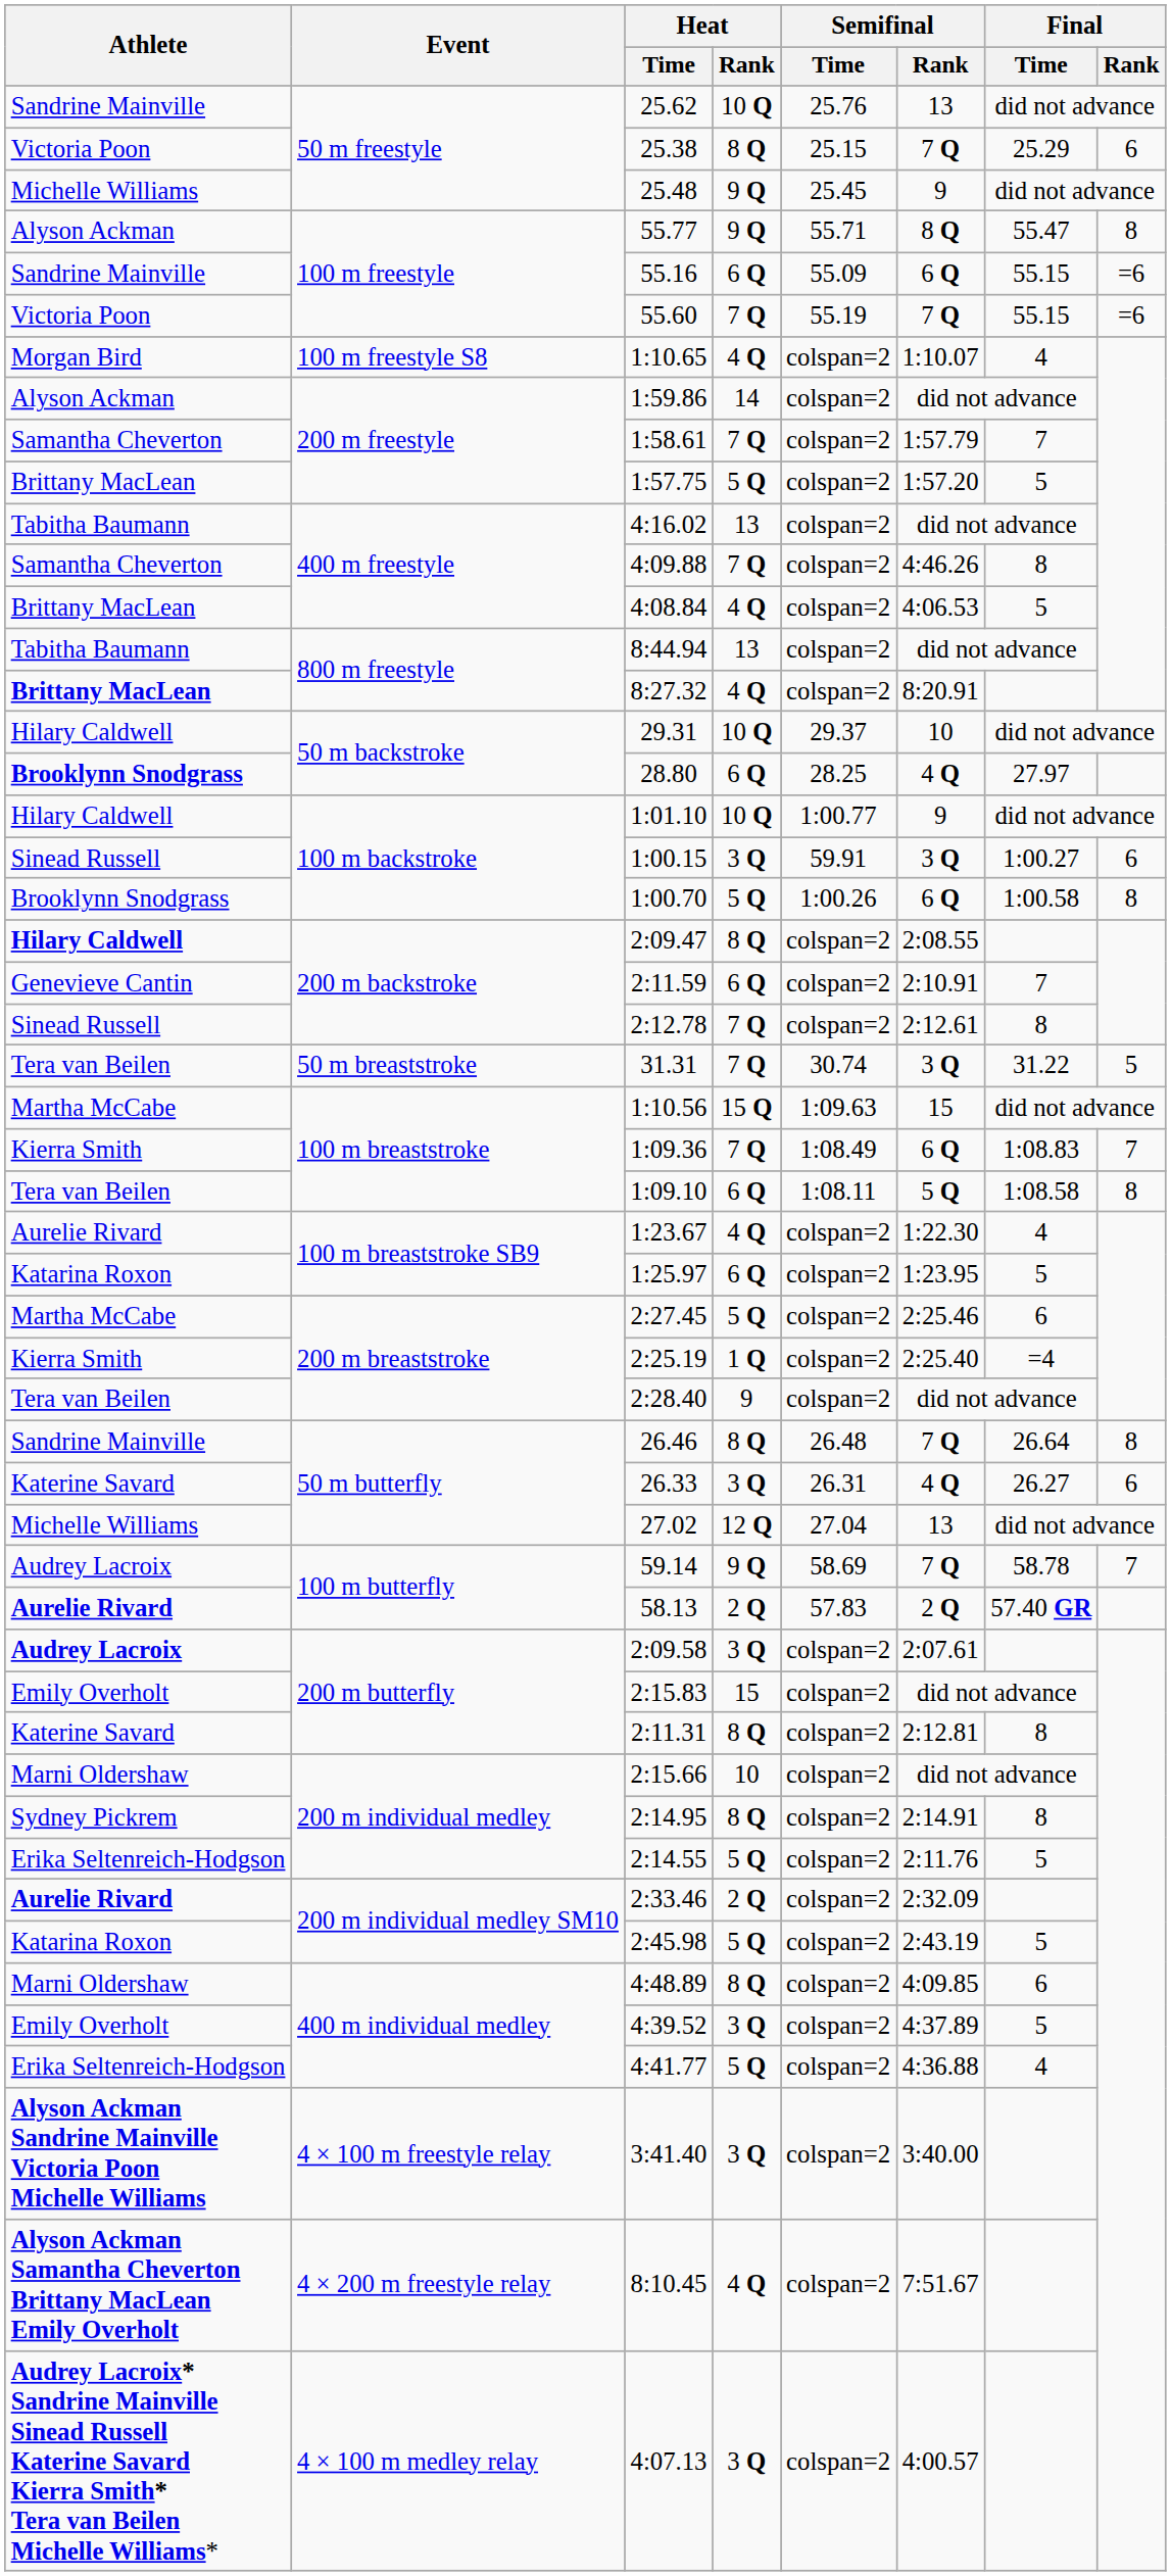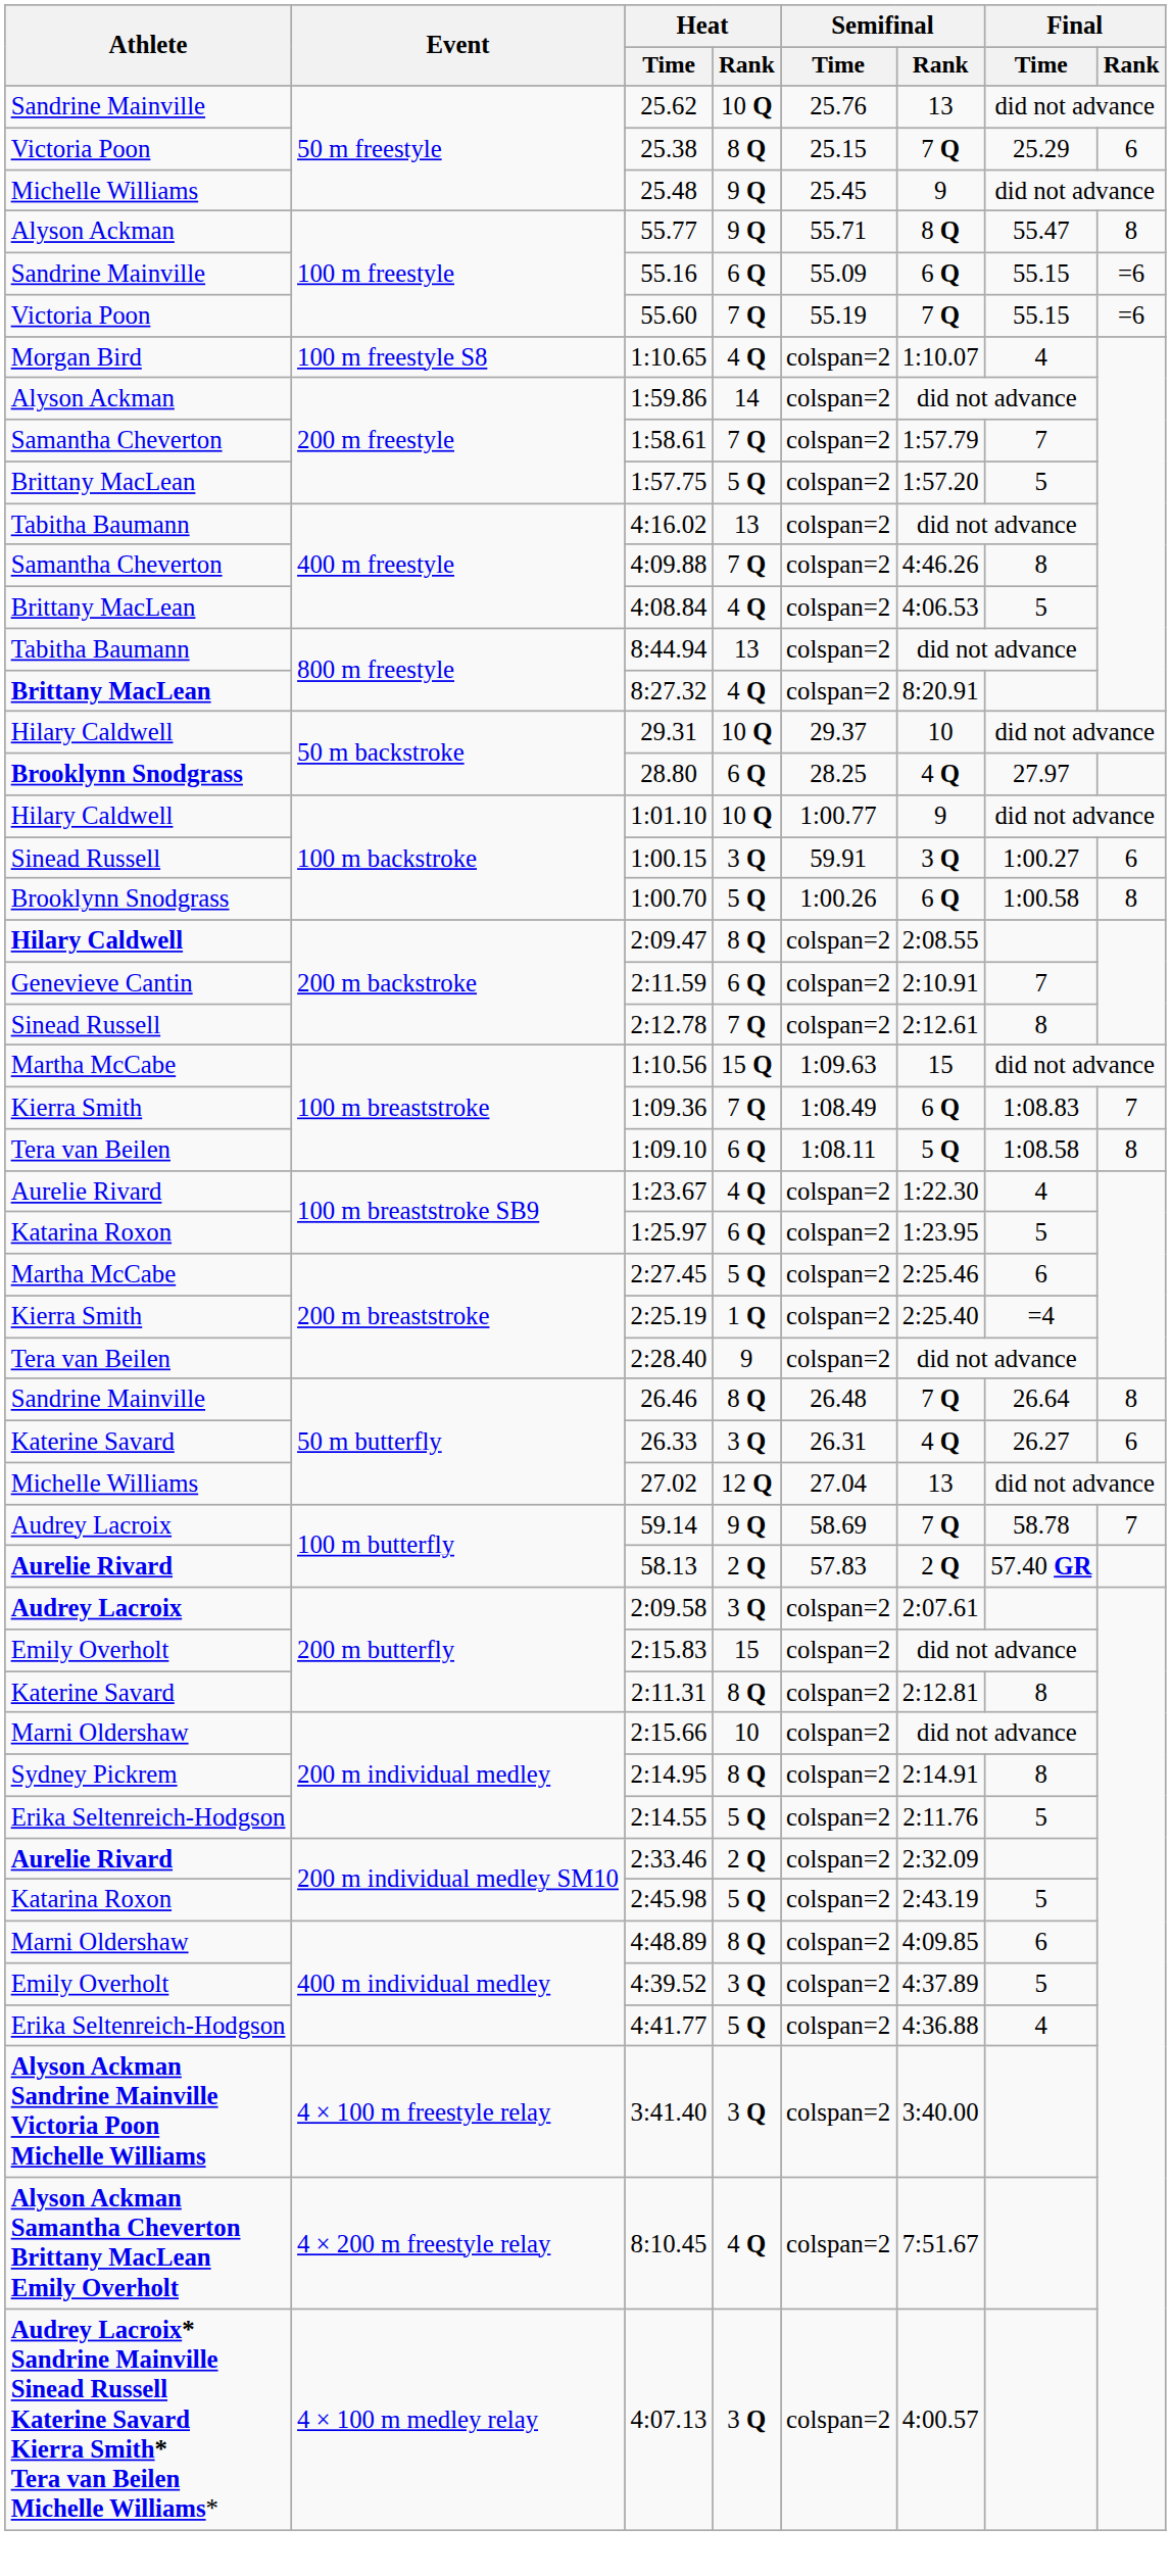 <table class=wikitable style=font-size:90%>
 <tr>
 <th rowspan=2>Athlete</th>
 <th rowspan=2>Event</th>
 <th colspan=2>Heat</th>
 <th colspan=2>Semifinal</th>
 <th colspan=2>Final</th>
 </tr>
 <tr style=font-size:95%>
 <th>Time</th>
 <th>Rank</th>
 <th>Time</th>
 <th>Rank</th>
 <th>Time</th>
 <th>Rank</th>
 </tr>
 <tr align=center>
 <td align=left><a href='#'>Sandrine Mainville</a></td>
 <td align=left rowspan=3><a href='#'>50 m freestyle</a></td>
 <td>25.62</td>
 <td>10 <strong>Q</strong></td>
 <td>25.76</td>
 <td>13</td>
 <td colspan=2>did not advance</td>
 </tr>
 <tr align=center>
 <td align=left><a href='#'>Victoria Poon</a></td>
 <td>25.38</td>
 <td>8 <strong>Q</strong></td>
 <td>25.15</td>
 <td>7 <strong>Q</strong></td>
 <td>25.29</td>
 <td>6</td>
 </tr>
 <tr align=center>
 <td align=left><a href='#'>Michelle Williams</a></td>
 <td>25.48</td>
 <td>9 <strong>Q</strong></td>
 <td>25.45</td>
 <td>9</td>
 <td colspan=2>did not advance</td>
 </tr>
 <tr align=center>
 <td align=left><a href='#'>Alyson Ackman</a></td>
 <td align=left rowspan=3><a href='#'>100 m freestyle</a></td>
 <td>55.77</td>
 <td>9 <strong>Q</strong></td>
 <td>55.71</td>
 <td>8 <strong>Q</strong></td>
 <td>55.47</td>
 <td>8</td>
 </tr>
 <tr align=center>
 <td align=left><a href='#'>Sandrine Mainville</a></td>
 <td>55.16</td>
 <td>6 <strong>Q</strong></td>
 <td>55.09</td>
 <td>6 <strong>Q</strong></td>
 <td>55.15</td>
 <td>=6</td>
 </tr>
 <tr align=center>
 <td align=left><a href='#'>Victoria Poon</a></td>
 <td>55.60</td>
 <td>7 <strong>Q</strong></td>
 <td>55.19</td>
 <td>7 <strong>Q</strong></td>
 <td>55.15</td>
 <td>=6</td>
 </tr>
 <tr align=center>
 <td align=left><a href='#'>Morgan Bird</a></td>
 <td align=left><a href='#'>100 m freestyle S8</a></td>
 <td>1:10.65</td>
 <td>4 <strong>Q</strong></td>
 <td>colspan=2 </td>
 <td>1:10.07</td>
 <td>4</td>
 </tr>
 <tr align=center>
 <td align=left><a href='#'>Alyson Ackman</a></td>
 <td align=left rowspan=3><a href='#'>200 m freestyle</a></td>
 <td>1:59.86</td>
 <td>14</td>
 <td>colspan=2 </td>
 <td colspan=2>did not advance</td>
 </tr>
 <tr align=center>
 <td align=left><a href='#'>Samantha Cheverton</a></td>
 <td>1:58.61</td>
 <td>7 <strong>Q</strong></td>
 <td>colspan=2 </td>
 <td>1:57.79</td>
 <td>7</td>
 </tr>
 <tr align=center>
 <td align=left><a href='#'>Brittany MacLean</a></td>
 <td>1:57.75</td>
 <td>5 <strong>Q</strong></td>
 <td>colspan=2 </td>
 <td>1:57.20</td>
 <td>5</td>
 </tr>
 <tr align=center>
 <td align=left><a href='#'>Tabitha Baumann</a></td>
 <td align=left rowspan=3><a href='#'>400 m freestyle</a></td>
 <td>4:16.02</td>
 <td>13</td>
 <td>colspan=2 </td>
 <td colspan=2>did not advance</td>
 </tr>
 <tr align=center>
 <td align=left><a href='#'>Samantha Cheverton</a></td>
 <td>4:09.88</td>
 <td>7 <strong>Q</strong></td>
 <td>colspan=2 </td>
 <td>4:46.26</td>
 <td>8</td>
 </tr>
 <tr align=center>
 <td align=left><a href='#'>Brittany MacLean</a></td>
 <td>4:08.84</td>
 <td>4 <strong>Q</strong></td>
 <td>colspan=2 </td>
 <td>4:06.53</td>
 <td>5</td>
 </tr>
 <tr align=center>
 <td align=left><a href='#'>Tabitha Baumann</a></td>
 <td align=left rowspan=2><a href='#'>800 m freestyle</a></td>
 <td>8:44.94</td>
 <td>13</td>
 <td>colspan=2 </td>
 <td colspan=2>did not advance</td>
 </tr>
 <tr align=center>
 <td align=left><strong><a href='#'>Brittany MacLean</a></strong></td>
 <td>8:27.32</td>
 <td>4 <strong>Q</strong></td>
 <td>colspan=2 </td>
 <td>8:20.91</td>
 <td></td>
 </tr>
 <tr align=center>
 <td align=left><a href='#'>Hilary Caldwell</a></td>
 <td align=left rowspan=2><a href='#'>50 m backstroke</a></td>
 <td>29.31</td>
 <td>10 <strong>Q</strong></td>
 <td>29.37</td>
 <td>10</td>
 <td colspan=2>did not advance</td>
 </tr>
 <tr align=center>
 <td align=left><strong><a href='#'>Brooklynn Snodgrass</a></strong></td>
 <td>28.80</td>
 <td>6 <strong>Q</strong></td>
 <td>28.25</td>
 <td>4 <strong>Q</strong></td>
 <td>27.97</td>
 <td></td>
 </tr>
 <tr align=center>
 <td align=left><a href='#'>Hilary Caldwell</a></td>
 <td align=left rowspan=3><a href='#'>100 m backstroke</a></td>
 <td>1:01.10</td>
 <td>10 <strong>Q</strong></td>
 <td>1:00.77</td>
 <td>9</td>
 <td colspan=2>did not advance</td>
 </tr>
 <tr align=center>
 <td align=left><a href='#'>Sinead Russell</a></td>
 <td>1:00.15</td>
 <td>3 <strong>Q</strong></td>
 <td>59.91</td>
 <td>3 <strong>Q</strong></td>
 <td>1:00.27</td>
 <td>6</td>
 </tr>
 <tr align=center>
 <td align=left><a href='#'>Brooklynn Snodgrass</a></td>
 <td>1:00.70</td>
 <td>5 <strong>Q</strong></td>
 <td>1:00.26</td>
 <td>6 <strong>Q</strong></td>
 <td>1:00.58</td>
 <td>8</td>
 </tr>
 <tr align=center>
 <td align=left><strong><a href='#'>Hilary Caldwell</a></strong></td>
 <td align=left rowspan=3><a href='#'>200 m backstroke</a></td>
 <td>2:09.47</td>
 <td>8 <strong>Q</strong></td>
 <td>colspan=2 </td>
 <td>2:08.55</td>
 <td></td>
 </tr>
 <tr align=center>
 <td align=left><a href='#'>Genevieve Cantin</a></td>
 <td>2:11.59</td>
 <td>6 <strong>Q</strong></td>
 <td>colspan=2 </td>
 <td>2:10.91</td>
 <td>7</td>
 </tr>
 <tr align=center>
 <td align=left><a href='#'>Sinead Russell</a></td>
 <td>2:12.78</td>
 <td>7 <strong>Q</strong></td>
 <td>colspan=2 </td>
 <td>2:12.61</td>
 <td>8</td>
-</tr>
-<tr align=center>
-<td align=left><a href='#'>Tera van Beilen</a></td>
-<td align=left><a href='#'>50 m breaststroke</a></td>
-<td>31.31</td>
-<td>7 <strong>Q</strong></td>
-<td>30.74</td>
-<td>3 <strong>Q</strong></td>
-<td>31.22</td>
-<td>5</td>
 </tr>
 <tr align=center>
 <td align=left><a href='#'>Martha McCabe</a></td>
 <td align=left rowspan=3><a href='#'>100 m breaststroke</a></td>
 <td>1:10.56</td>
 <td>15 <strong>Q</strong></td>
 <td>1:09.63</td>
 <td>15</td>
 <td colspan=2>did not advance</td>
 </tr>
 <tr align=center>
 <td align=left><a href='#'>Kierra Smith</a></td>
 <td>1:09.36</td>
 <td>7 <strong>Q</strong></td>
 <td>1:08.49</td>
 <td>6 <strong>Q</strong></td>
 <td>1:08.83</td>
 <td>7</td>
 </tr>
 <tr align=center>
 <td align=left><a href='#'>Tera van Beilen</a></td>
 <td>1:09.10</td>
 <td>6 <strong>Q</strong></td>
 <td>1:08.11</td>
 <td>5 <strong>Q</strong></td>
 <td>1:08.58</td>
 <td>8</td>
 </tr>
 <tr align=center>
 <td align=left><a href='#'>Aurelie Rivard</a></td>
 <td align=left rowspan=2><a href='#'>100 m breaststroke SB9</a></td>
 <td>1:23.67</td>
 <td>4 <strong>Q</strong></td>
 <td>colspan=2 </td>
 <td>1:22.30</td>
 <td>4</td>
 </tr>
 <tr align=center>
 <td align=left><a href='#'>Katarina Roxon</a></td>
 <td>1:25.97</td>
 <td>6 <strong>Q</strong></td>
 <td>colspan=2 </td>
 <td>1:23.95</td>
 <td>5</td>
 </tr>
 <tr align=center>
 <td align=left><a href='#'>Martha McCabe</a></td>
 <td align=left rowspan=3><a href='#'>200 m breaststroke</a></td>
 <td>2:27.45</td>
 <td>5 <strong>Q</strong></td>
 <td>colspan=2 </td>
 <td>2:25.46</td>
 <td>6</td>
 </tr>
 <tr align=center>
 <td align=left><a href='#'>Kierra Smith</a></td>
 <td>2:25.19</td>
 <td>1 <strong>Q</strong></td>
 <td>colspan=2 </td>
 <td>2:25.40</td>
 <td>=4</td>
 </tr>
 <tr align=center>
 <td align=left><a href='#'>Tera van Beilen</a></td>
 <td>2:28.40</td>
 <td>9</td>
 <td>colspan=2 </td>
 <td colspan=2>did not advance</td>
 </tr>
 <tr align=center>
 <td align=left><a href='#'>Sandrine Mainville</a></td>
 <td align=left rowspan=3><a href='#'>50 m butterfly</a></td>
 <td>26.46</td>
 <td>8 <strong>Q</strong></td>
 <td>26.48</td>
 <td>7 <strong>Q</strong></td>
 <td>26.64</td>
 <td>8</td>
 </tr>
 <tr align=center>
 <td align=left><a href='#'>Katerine Savard</a></td>
 <td>26.33</td>
 <td>3 <strong>Q</strong></td>
 <td>26.31</td>
 <td>4 <strong>Q</strong></td>
 <td>26.27</td>
 <td>6</td>
 </tr>
 <tr align=center>
 <td align=left><a href='#'>Michelle Williams</a></td>
 <td>27.02</td>
 <td>12 <strong>Q</strong></td>
 <td>27.04</td>
 <td>13</td>
 <td colspan=2>did not advance</td>
 </tr>
 <tr align=center>
 <td align=left><a href='#'>Audrey Lacroix</a></td>
 <td align=left rowspan=2><a href='#'>100 m butterfly</a></td>
 <td>59.14</td>
 <td>9 <strong>Q</strong></td>
 <td>58.69</td>
 <td>7 <strong>Q</strong></td>
 <td>58.78</td>
 <td>7</td>
 </tr>
 <tr align=center>
 <td align=left><strong><a href='#'>Aurelie Rivard</a></strong></td>
 <td>58.13</td>
 <td>2 <strong>Q</strong></td>
 <td>57.83</td>
 <td>2 <strong>Q</strong></td>
 <td>57.40 <strong><a href='#'>GR</a></strong></td>
 <td></td>
 </tr>
 <tr align=center>
 <td align=left><strong><a href='#'>Audrey Lacroix</a></strong></td>
 <td align=left rowspan=3><a href='#'>200 m butterfly</a></td>
 <td>2:09.58</td>
 <td>3 <strong>Q</strong></td>
 <td>colspan=2 </td>
 <td>2:07.61</td>
 <td></td>
 </tr>
 <tr align=center>
 <td align=left><a href='#'>Emily Overholt</a></td>
 <td>2:15.83</td>
 <td>15</td>
 <td>colspan=2 </td>
 <td colspan=2>did not advance</td>
 </tr>
 <tr align=center>
 <td align=left><a href='#'>Katerine Savard</a></td>
 <td>2:11.31</td>
 <td>8 <strong>Q</strong></td>
 <td>colspan=2 </td>
 <td>2:12.81</td>
 <td>8</td>
 </tr>
 <tr align=center>
 <td align=left><a href='#'>Marni Oldershaw</a></td>
 <td align=left rowspan=3><a href='#'>200 m individual medley</a></td>
 <td>2:15.66</td>
 <td>10</td>
 <td>colspan=2 </td>
 <td colspan=2>did not advance</td>
 </tr>
 <tr align=center>
 <td align=left><a href='#'>Sydney Pickrem</a></td>
 <td>2:14.95</td>
 <td>8 <strong>Q</strong></td>
 <td>colspan=2 </td>
 <td>2:14.91</td>
 <td>8</td>
 </tr>
 <tr align=center>
 <td align=left><a href='#'>Erika Seltenreich-Hodgson</a></td>
 <td>2:14.55</td>
 <td>5 <strong>Q</strong></td>
 <td>colspan=2 </td>
 <td>2:11.76</td>
 <td>5</td>
 </tr>
 <tr align=center>
 <td align=left><strong><a href='#'>Aurelie Rivard</a></strong></td>
 <td align=left rowspan=2><a href='#'>200 m individual medley SM10</a></td>
 <td>2:33.46</td>
 <td>2 <strong>Q</strong></td>
 <td>colspan=2 </td>
 <td>2:32.09</td>
 <td></td>
 </tr>
 <tr align=center>
 <td align=left><a href='#'>Katarina Roxon</a></td>
 <td>2:45.98</td>
 <td>5 <strong>Q</strong></td>
 <td>colspan=2 </td>
 <td>2:43.19</td>
 <td>5</td>
 </tr>
 <tr align=center>
 <td align=left><a href='#'>Marni Oldershaw</a></td>
 <td align=left rowspan=3><a href='#'>400 m individual medley</a></td>
 <td>4:48.89</td>
 <td>8 <strong>Q</strong></td>
 <td>colspan=2 </td>
 <td>4:09.85</td>
 <td>6</td>
 </tr>
 <tr align=center>
 <td align=left><a href='#'>Emily Overholt</a></td>
 <td>4:39.52</td>
 <td>3 <strong>Q</strong></td>
 <td>colspan=2 </td>
 <td>4:37.89</td>
 <td>5</td>
 </tr>
 <tr align=center>
 <td align=left><a href='#'>Erika Seltenreich-Hodgson</a></td>
 <td>4:41.77</td>
 <td>5 <strong>Q</strong></td>
 <td>colspan=2 </td>
 <td>4:36.88</td>
 <td>4</td>
 </tr>
 <tr align=center>
 <td align=left><strong><a href='#'>Alyson Ackman</a><br><a href='#'>Sandrine Mainville</a><br><a href='#'>Victoria Poon</a><br><a href='#'>Michelle Williams</a></strong></td>
 <td align=left><a href='#'>4 × 100 m freestyle relay</a></td>
 <td>3:41.40</td>
 <td>3 <strong>Q</strong></td>
 <td>colspan=2 </td>
 <td>3:40.00</td>
 <td></td>
 </tr>
 <tr align=center>
 <td align=left><strong><a href='#'>Alyson Ackman</a><br><a href='#'>Samantha Cheverton</a><br><a href='#'>Brittany MacLean</a><br><a href='#'>Emily Overholt</a></strong></td>
 <td align=left><a href='#'>4 × 200 m freestyle relay</a></td>
 <td>8:10.45</td>
 <td>4 <strong>Q</strong></td>
 <td>colspan=2 </td>
 <td>7:51.67</td>
 <td></td>
 </tr>
 <tr align=center>
 <td align=left><strong><a href='#'>Audrey Lacroix</a>*<br><a href='#'>Sandrine Mainville</a><br><a href='#'>Sinead Russell</a><br><a href='#'>Katerine Savard</a><br><a href='#'>Kierra Smith</a>*<br><a href='#'>Tera van Beilen</a><br><a href='#'>Michelle Williams</a></strong>*</td>
 <td align=left><a href='#'>4 × 100 m medley relay</a></td>
 <td>4:07.13</td>
 <td>3 <strong>Q</strong></td>
 <td>colspan=2 </td>
 <td>4:00.57</td>
 <td></td>
 </tr>
 </table>
